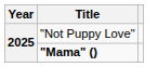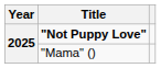 <table class="wikitable plainrowheaders sortable">
 <tr>
 <th scope="col">Year</th>
 <th scope="col">Title</th>
 <th scope="col" class="unsortable"></th>
 </tr>
 <tr>
 <th scope="row" rowspan=2>2025</th>
-<td>"Not Puppy Love"</td>
+<td><strong>"Not Puppy Love"</strong></td>
 <td></td>
 </tr>
 <tr>
-<td><strong>"Mama" ()</strong></td>
+<td>"Mama" ()</td>
 <td></td>
 </tr>
 </table>
